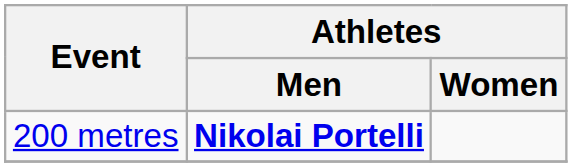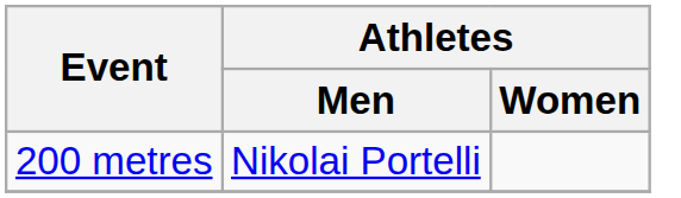 <table class=wikitable style="font-size:90%">
 <tr>
 <th rowspan=2>Event</th>
 <th colspan=2>Athletes</th>
 </tr>
 <tr>
 <th>Men</th>
 <th>Women</th>
 </tr>
 <tr>
 <td><a href='#'>200 metres</a></td>
-<td><strong><a href='#'>Nikolai Portelli</a></strong></td>
+<td><a href='#'>Nikolai Portelli</a></td>
 <td></td>
 </tr>
 <tr>
 </tr>
 </table>
